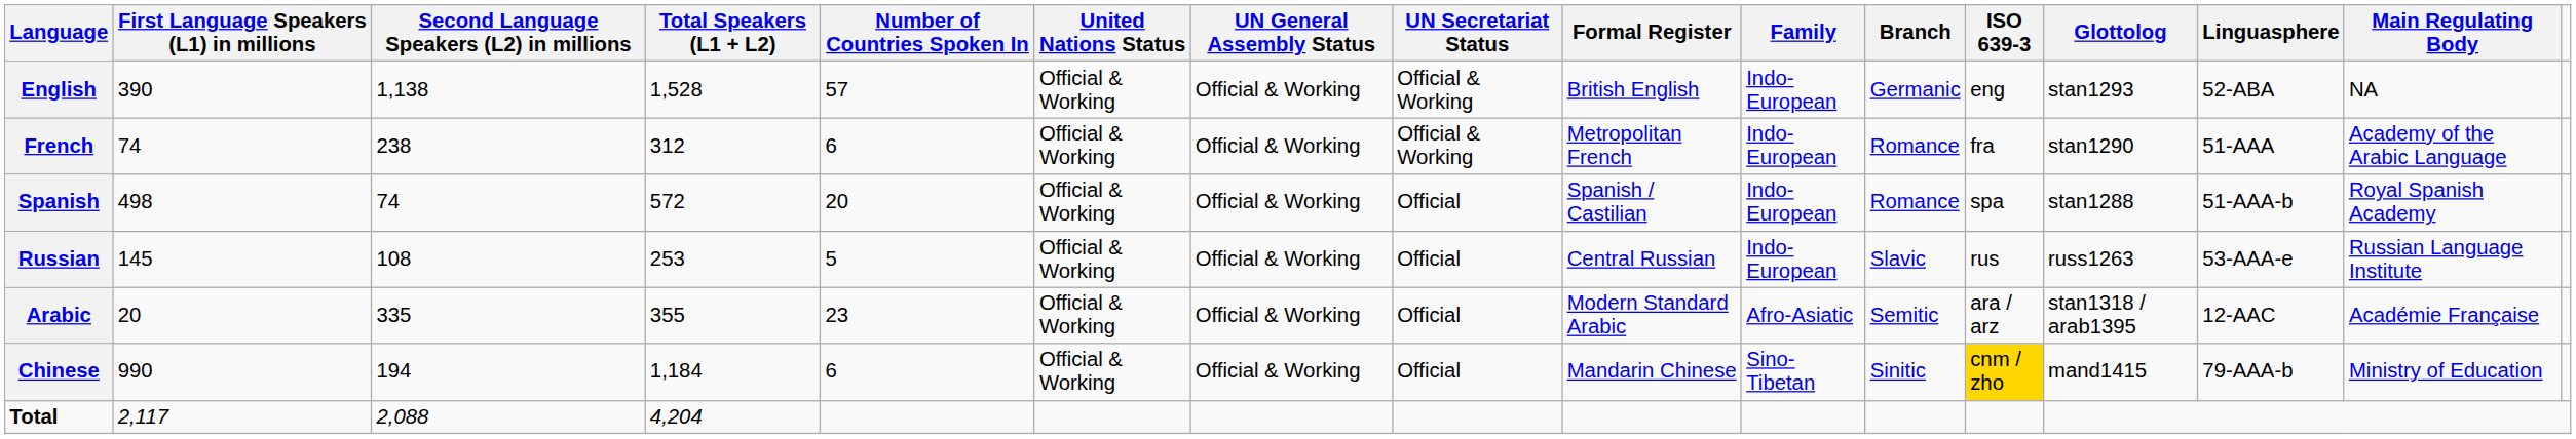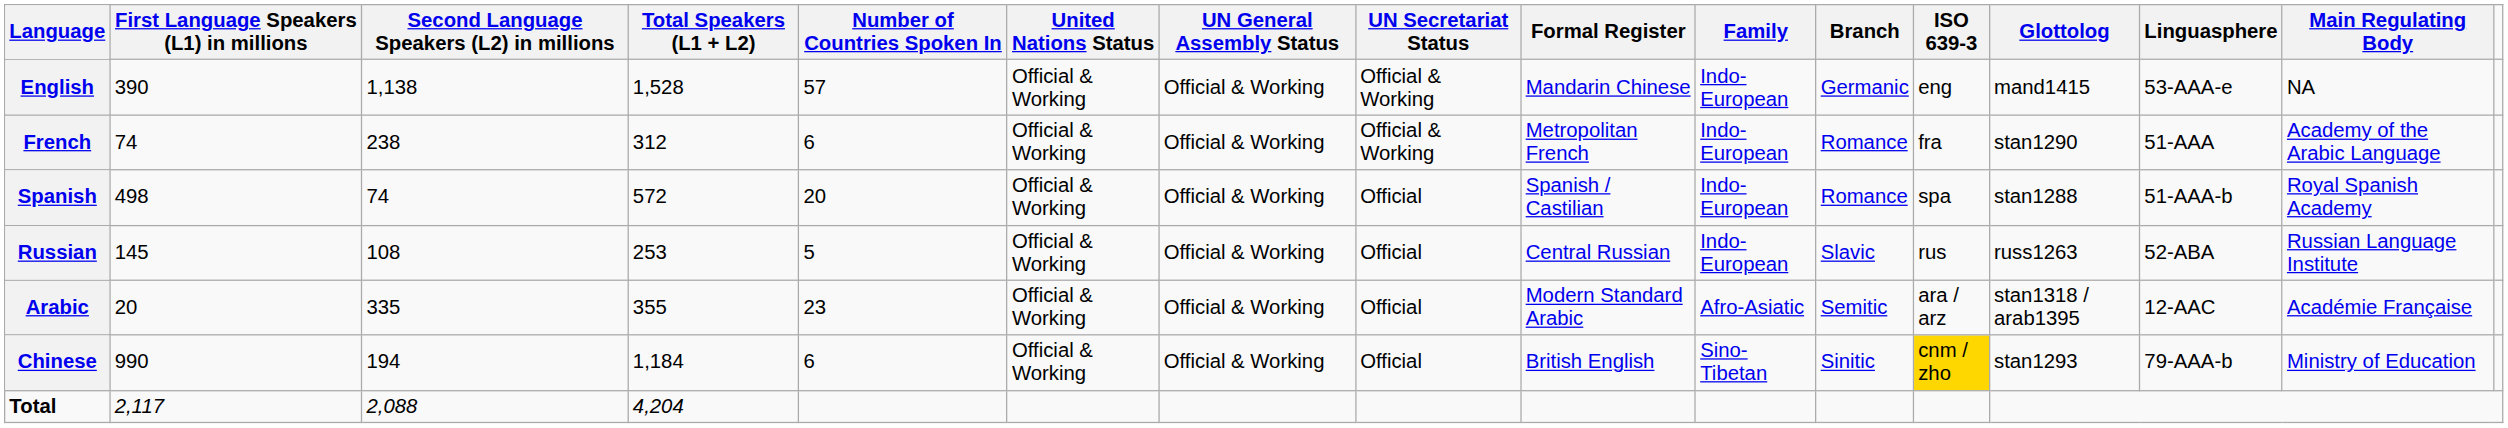 <table class="wikitable sortable">
 <tr>
 <th style="position: sticky; top: 0;left: 0; z-index: 1;"!><a href='#'>Language</a></th>
 <th><a href='#'>First Language</a> Speakers (L1) in millions</th>
 <th><a href='#'>Second Language</a> Speakers (L2) in millions</th>
 <th><a href='#'>Total Speakers</a> (L1 + L2)</th>
 <th><a href='#'>Number of Countries Spoken In</a></th>
 <th><a href='#'>United Nations</a> Status</th>
 <th><a href='#'>UN General Assembly</a> Status</th>
 <th><a href='#'>UN Secretariat</a> Status</th>
 <th>Formal Register</th>
 <th><a href='#'>Family</a></th>
 <th>Branch</th>
 <th>ISO 639-3</th>
 <th><a href='#'>Glottolog</a></th>
 <th>Linguasphere</th>
 <th><a href='#'>Main Regulating Body</a></th>
 </tr>
 <tr>
 <th style="position: sticky; left: 0; z-index: 1;"!><a href='#'><strong>English</strong></a></th>
 <td>390</td>
 <td>1,138</td>
 <td>1,528</td>
 <td>57</td>
 <td>Official & Working</td>
 <td>Official & Working</td>
 <td>Official & Working</td>
-<td><a href='#'>British English</a></td>
+<td><a href='#'>Mandarin Chinese</a></td>
 <td><a href='#'>Indo-European</a></td>
 <td><a href='#'>Germanic</a></td>
 <td>eng</td>
-<td>stan1293</td>
-<td>52-ABA</td>
+<td>mand1415</td>
+<td>53-AAA-e</td>
 <td>NA</td>
 <td></td>
 </tr>
 <tr>
 <th style="position: sticky; left: 0; z-index: 1;"!><a href='#'><strong>French</strong></a></th>
 <td>74</td>
 <td>238</td>
 <td>312</td>
 <td>6</td>
 <td>Official & Working</td>
 <td>Official & Working</td>
 <td>Official & Working</td>
 <td><a href='#'>Metropolitan French</a></td>
 <td><a href='#'>Indo-European</a></td>
 <td><a href='#'>Romance</a></td>
 <td>fra</td>
 <td>stan1290</td>
 <td>51-AAA</td>
 <td><a href='#'>Academy of the Arabic Language</a></td>
 <td></td>
 </tr>
 <tr>
 <th style="position:sticky; left:0; z-index:1;"!><a href='#'><strong>Spanish</strong></a></th>
 <td>498</td>
 <td>74</td>
 <td>572</td>
 <td>20</td>
 <td>Official & Working</td>
 <td>Official & Working</td>
 <td>Official</td>
 <td><a href='#'>Spanish / Castilian</a></td>
 <td><a href='#'>Indo-European</a></td>
 <td><a href='#'>Romance</a></td>
 <td>spa</td>
 <td>stan1288</td>
 <td>51-AAA-b</td>
 <td><a href='#'>Royal Spanish Academy</a></td>
 <td></td>
 </tr>
 <tr>
 <th style="position:sticky; left:0; z-index:1;"!><a href='#'><strong>Russian</strong></a></th>
 <td>145</td>
 <td>108</td>
 <td>253</td>
 <td>5</td>
 <td>Official & Working</td>
 <td>Official & Working</td>
 <td>Official</td>
 <td><a href='#'>Central Russian</a></td>
 <td><a href='#'>Indo-European</a></td>
 <td><a href='#'>Slavic</a></td>
 <td>rus</td>
 <td>russ1263</td>
-<td>53-AAA-e</td>
+<td>52-ABA</td>
 <td><a href='#'>Russian Language Institute</a></td>
 <td></td>
 </tr>
 <tr>
 <th style="position:sticky; left:0; z-index:1;"!><a href='#'><strong>Arabic</strong></a></th>
 <td>20</td>
 <td>335</td>
 <td>355</td>
 <td>23</td>
 <td>Official & Working</td>
 <td>Official & Working</td>
 <td>Official</td>
 <td><a href='#'>Modern Standard Arabic</a></td>
 <td><a href='#'>Afro-Asiatic</a></td>
 <td><a href='#'>Semitic</a></td>
 <td>ara / arz</td>
 <td>stan1318 / arab1395</td>
 <td>12-AAC</td>
 <td><a href='#'>Académie Française</a></td>
 <td></td>
 </tr>
 <tr>
 <th style="position:sticky; left:0; z-index:1;"!><a href='#'><strong>Chinese</strong></a></th>
 <td>990</td>
 <td>194</td>
 <td>1,184</td>
 <td>6</td>
 <td>Official & Working</td>
 <td>Official & Working</td>
 <td>Official</td>
-<td><a href='#'>Mandarin Chinese</a></td>
+<td><a href='#'>British English</a></td>
 <td><a href='#'>Sino-Tibetan</a></td>
 <td><a href='#'>Sinitic</a></td>
 <td style="background: gold;">cnm / zho</td>
-<td>mand1415</td>
+<td>stan1293</td>
 <td>79-AAA-b</td>
 <td><a href='#'>Ministry of Education</a></td>
 <td></td>
 </tr>
 <tr>
 <td><strong>Total</strong></td>
 <td><em>2,117</em></td>
 <td><em>2,088</em></td>
 <td><em>4,204</em></td>
 <td></td>
 <td></td>
 <td></td>
 <td></td>
 <td></td>
 <td></td>
 <td></td>
 <td></td>
 </tr>
 </table>
